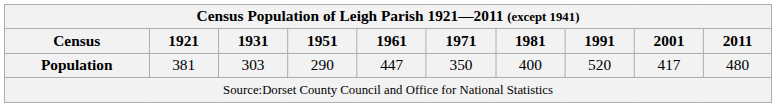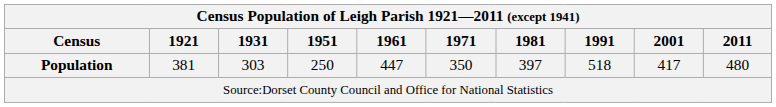 <table class="wikitable" style="width:800px;">
 <tr>
 <th colspan= "15" style="background:; color:"><span>Census Population of Leigh Parish 1921—2011 <small>(except 1941)</small></span></th>
 </tr>
 <tr style="text-align:center;">
 <th style="background:; color: height:15px;">Census</th>
 <th style="background:;">1921</th>
 <th style="background:;">1931</th>
 <th style="background:;">1951</th>
 <th style="background:;">1961</th>
 <th style="background:;">1971</th>
 <th style="background:;">1981</th>
 <th style="background:;">1991</th>
 <th style="background:;">2001</th>
 <th style="background:;">2011</th>
 </tr>
 <tr style="text-align:center;">
 <th style="background:; color: height:15px;">Population</th>
 <td style="background:#F2F2F2;">381</td>
 <td style="background:#F2F2F2;">303</td>
-<td style="background:#F2F2F2;">290</td>
+<td style="background:#F2F2F2;">250</td>
 <td style="background:#F2F2F2;">447</td>
 <td style="background:#F2F2F2;">350</td>
-<td style="background:#F2F2F2;">400</td>
-<td style="background:#F2F2F2;">520</td>
+<td style="background:#F2F2F2;">397</td>
+<td style="background:#F2F2F2;">518</td>
 <td style="background:#F2F2F2;">417</td>
 <td style="background:#F2F2F2;">480</td>
 </tr>
 <tr style="text-align:center;">
 <td colspan="15" style="background:#F2F2F2; color: text-align:center;"><small>Source:Dorset County Council and Office for National Statistics</small></td>
 </tr>
 </table>
